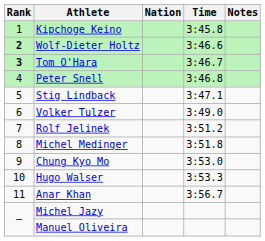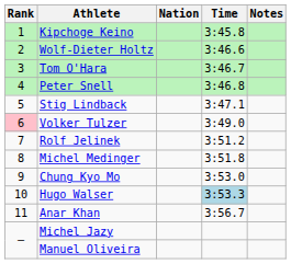 <table class="wikitable sortable" style="text-align:center">
 <tr>
 <th>Rank</th>
 <th>Athlete</th>
 <th>Nation</th>
 <th>Time</th>
 <th>Notes</th>
 </tr>
 <tr bgcolor=bbf3bb>
 <td>1</td>
 <td align=left><a href='#'>Kipchoge Keino</a></td>
 <td align=left></td>
 <td>3:45.8</td>
 <td></td>
 </tr>
 <tr bgcolor=bbf3bb>
-<td><strong>2</strong></td>
+<td>2</td>
 <td align=left><a href='#'>Wolf-Dieter Holtz</a></td>
 <td align=left></td>
 <td>3:46.6</td>
 <td></td>
 </tr>
 <tr bgcolor=bbf3bb>
-<td><strong>3</strong></td>
+<td>3</td>
 <td align=left><a href='#'>Tom O'Hara</a></td>
 <td align=left></td>
 <td>3:46.7</td>
 <td></td>
 </tr>
 <tr bgcolor=bbf3bb>
 <td>4</td>
 <td align=left><a href='#'>Peter Snell</a></td>
 <td align=left></td>
 <td>3:46.8</td>
 <td></td>
 </tr>
 <tr>
 <td>5</td>
 <td align=left><a href='#'>Stig Lindback</a></td>
 <td align=left></td>
 <td>3:47.1</td>
 <td></td>
 </tr>
 <tr>
-<td>6</td>
+<td style="background: pink;">6</td>
 <td align=left><a href='#'>Volker Tulzer</a></td>
 <td align=left></td>
 <td>3:49.0</td>
 <td></td>
 </tr>
 <tr>
 <td>7</td>
 <td align=left><a href='#'>Rolf Jelinek</a></td>
 <td align=left></td>
 <td>3:51.2</td>
 <td></td>
 </tr>
 <tr>
 <td>8</td>
 <td align=left><a href='#'>Michel Medinger</a></td>
 <td align=left></td>
 <td>3:51.8</td>
 <td></td>
 </tr>
 <tr>
 <td>9</td>
 <td align=left><a href='#'>Chung Kyo Mo</a></td>
 <td align=left></td>
 <td>3:53.0</td>
 <td></td>
 </tr>
 <tr>
 <td>10</td>
 <td align=left><a href='#'>Hugo Walser</a></td>
 <td align=left></td>
-<td>3:53.3</td>
+<td style="background: lightblue;">3:53.3</td>
 <td></td>
 </tr>
 <tr>
 <td>11</td>
 <td align=left><a href='#'>Anar Khan</a></td>
 <td align=left></td>
 <td>3:56.7</td>
 <td></td>
 </tr>
 <tr>
 <td rowspan=2 data-sort-value=12>—</td>
 <td align=left><a href='#'>Michel Jazy</a></td>
 <td align=left></td>
 <td></td>
 <td></td>
 </tr>
 <tr>
 <td align=left><a href='#'>Manuel Oliveira</a></td>
 <td align=left></td>
 <td></td>
 <td></td>
 </tr>
 </table>
